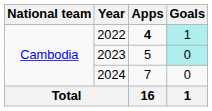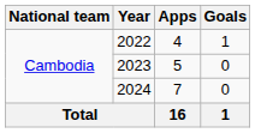 <table class="wikitable" style="text-align:center">
 <tr>
 <th>National team</th>
 <th>Year</th>
 <th>Apps</th>
 <th>Goals</th>
 </tr>
 <tr>
 <td rowspan="3"><a href='#'>Cambodia</a></td>
 <td>2022</td>
-<td><strong>4</strong></td>
-<td style="background: paleturquoise;">1</td>
+<td>4</td>
+<td>1</td>
 </tr>
 <tr>
 <td>2023</td>
 <td>5</td>
-<td style="background: paleturquoise;">0</td>
+<td>0</td>
 </tr>
 <tr>
 <td>2024</td>
 <td>7</td>
 <td>0</td>
 </tr>
 <tr>
 <th colspan="2">Total</th>
 <th>16</th>
 <th>1</th>
 </tr>
 </table>
